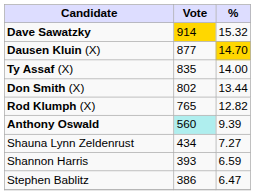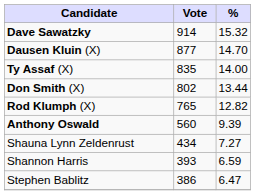 <table class="wikitable">
 <tr>
 <th style="background:#ddf; width:225px;">Candidate</th>
 <th style="background:#ddf; width:50px;">Vote</th>
 <th style="background:#ddf; width:30px;">%</th>
 </tr>
 <tr>
 <td><strong>Dave Sawatzky</strong></td>
-<td style="background: gold;">914</td>
+<td>914</td>
 <td>15.32</td>
 </tr>
 <tr>
 <td><strong>Dausen Kluin</strong> (X)</td>
 <td>877</td>
-<td style="background: gold;">14.70</td>
+<td>14.70</td>
 </tr>
 <tr>
 <td><strong>Ty Assaf</strong> (X)</td>
 <td>835</td>
 <td>14.00</td>
 </tr>
 <tr>
 <td><strong>Don Smith</strong> (X)</td>
 <td>802</td>
 <td>13.44</td>
 </tr>
 <tr>
 <td><strong>Rod Klumph</strong> (X)</td>
 <td>765</td>
 <td>12.82</td>
 </tr>
 <tr>
 <td><strong>Anthony Oswald</strong></td>
-<td style="background: paleturquoise;">560</td>
+<td>560</td>
 <td>9.39</td>
 </tr>
 <tr>
 <td>Shauna Lynn Zeldenrust</td>
 <td>434</td>
 <td>7.27</td>
 </tr>
 <tr>
 <td>Shannon Harris</td>
 <td>393</td>
 <td>6.59</td>
 </tr>
 <tr>
 <td>Stephen Bablitz</td>
 <td>386</td>
 <td>6.47</td>
 </tr>
 <tr>
 </tr>
 </table>
